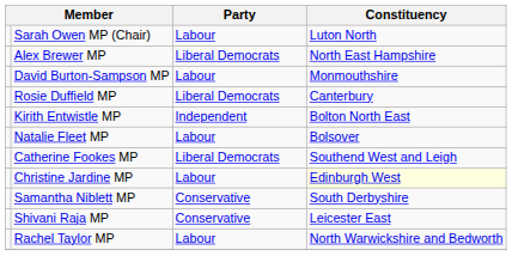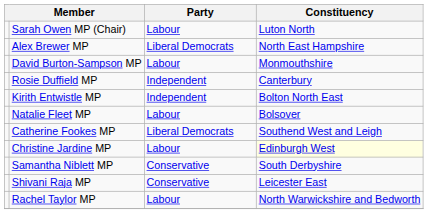 <table class="wikitable">
 <tr>
 <th width="160px" colspan="2" valign="top">Member</th>
 <th width="160px" valign="top">Party</th>
 <th valign="top">Constituency</th>
 </tr>
 <tr>
 <td style="color:inherit;background:"></td>
 <td><a href='#'>Sarah Owen</a> MP (Chair)</td>
 <td><a href='#'>Labour</a></td>
 <td><a href='#'>Luton North</a></td>
 </tr>
 <tr>
 <td style="color:inherit;background:"></td>
 <td><a href='#'>Alex Brewer</a> MP</td>
 <td><a href='#'>Liberal Democrats</a></td>
 <td><a href='#'>North East Hampshire</a></td>
 </tr>
 <tr>
 <td style="color:inherit;background:"></td>
 <td><a href='#'>David Burton-Sampson</a> MP</td>
 <td><a href='#'>Labour</a></td>
 <td><a href='#'>Monmouthshire</a></td>
 </tr>
 <tr>
 <td style="color:inherit;background:"></td>
 <td><a href='#'>Rosie Duffield</a> MP</td>
-<td><a href='#'>Liberal Democrats</a></td>
+<td><a href='#'>Independent</a></td>
 <td><a href='#'>Canterbury</a></td>
 </tr>
 <tr>
 <td style="color:inherit;background:"></td>
 <td><a href='#'>Kirith Entwistle</a> MP</td>
 <td><a href='#'>Independent</a></td>
 <td><a href='#'>Bolton North East</a></td>
 </tr>
 <tr>
 <td style="color:inherit;background:"></td>
 <td><a href='#'>Natalie Fleet</a> MP</td>
 <td><a href='#'>Labour</a></td>
 <td><a href='#'>Bolsover</a></td>
 </tr>
 <tr>
 <td style="color:inherit;background:"></td>
 <td><a href='#'>Catherine Fookes</a> MP</td>
 <td><a href='#'>Liberal Democrats</a></td>
 <td><a href='#'>Southend West and Leigh</a></td>
 </tr>
 <tr>
 <td style="color:inherit;background:"></td>
 <td><a href='#'>Christine Jardine</a> MP</td>
 <td><a href='#'>Labour</a></td>
 <td style="background: lightyellow;"><a href='#'>Edinburgh West</a></td>
 </tr>
 <tr>
 <td style="color:inherit;background:"></td>
 <td><a href='#'>Samantha Niblett</a> MP</td>
 <td><a href='#'>Conservative</a></td>
 <td><a href='#'>South Derbyshire</a></td>
 </tr>
 <tr>
 <td style="color:inherit;background:"></td>
 <td><a href='#'>Shivani Raja</a> MP</td>
 <td><a href='#'>Conservative</a></td>
 <td><a href='#'>Leicester East</a></td>
 </tr>
 <tr>
 <td style="color:inherit;background:"></td>
 <td><a href='#'>Rachel Taylor</a> MP</td>
 <td><a href='#'>Labour</a></td>
 <td><a href='#'>North Warwickshire and Bedworth</a></td>
 </tr>
 <tr>
 </tr>
 </table>
